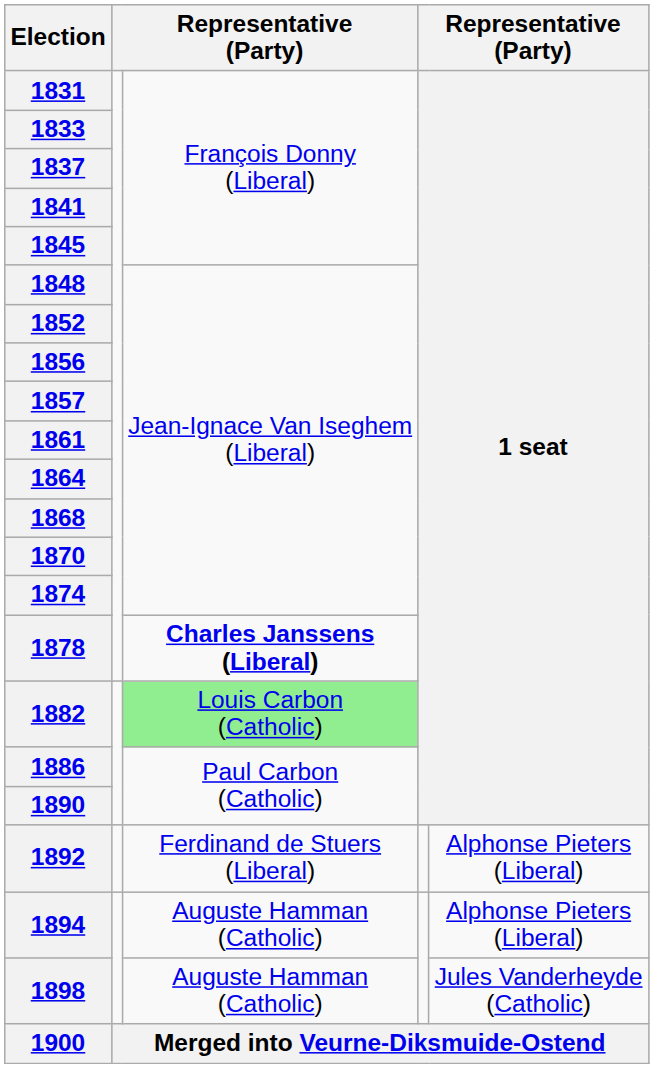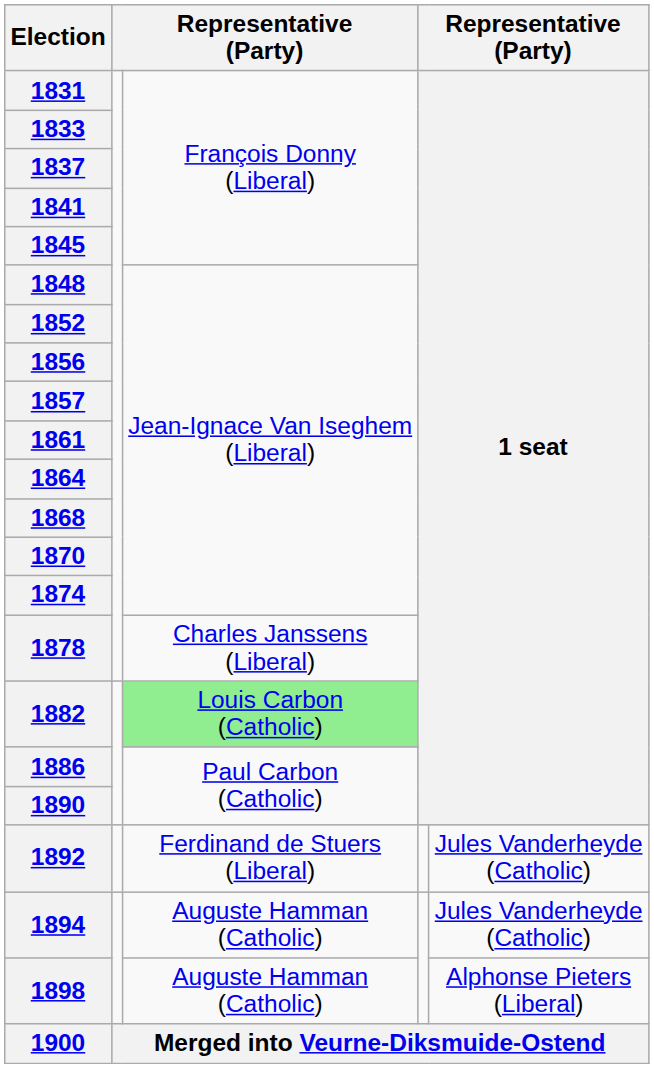 <table class="wikitable" style="text-align:center">
 <tr>
 <th>Election</th>
 <th colspan=2>Representative<br>(Party)</th>
 <th colspan=2>Representative<br>(Party)</th>
 </tr>
 <tr>
 <th><a href='#'>1831</a></th>
 <td rowspan=15; style="background-color: "></td>
 <td rowspan=5><a href='#'>François Donny</a><br>(<a href='#'>Liberal</a>)</td>
 <th colspan=2; rowspan=18>1 seat</th>
 </tr>
 <tr>
 <th><a href='#'>1833</a></th>
 </tr>
 <tr>
 <th><a href='#'>1837</a></th>
 </tr>
 <tr>
 <th><a href='#'>1841</a></th>
 </tr>
 <tr>
 <th><a href='#'>1845</a></th>
 </tr>
 <tr>
 <th><a href='#'>1848</a></th>
 <td rowspan=9><a href='#'>Jean-Ignace Van Iseghem</a><br>(<a href='#'>Liberal</a>)</td>
 </tr>
 <tr>
 <th><a href='#'>1852</a></th>
 </tr>
 <tr>
 <th><a href='#'>1856</a></th>
 </tr>
 <tr>
 <th><a href='#'>1857</a></th>
 </tr>
 <tr>
 <th><a href='#'>1861</a></th>
 </tr>
 <tr>
 <th><a href='#'>1864</a></th>
 </tr>
 <tr>
 <th><a href='#'>1868</a></th>
 </tr>
 <tr>
 <th><a href='#'>1870</a></th>
 </tr>
 <tr>
 <th><a href='#'>1874</a></th>
 </tr>
 <tr>
 <th><a href='#'>1878</a></th>
-<td rowspan=1><strong><a href='#'>Charles Janssens</a><br>(<a href='#'>Liberal</a>)</strong></td>
+<td rowspan=1><a href='#'>Charles Janssens</a><br>(<a href='#'>Liberal</a>)</td>
 </tr>
 <tr>
 <th><a href='#'>1882</a></th>
 <td rowspan=3; style="background-color: "></td>
 <td rowspan=1 style="background: lightgreen;"><a href='#'>Louis Carbon</a><br>(<a href='#'>Catholic</a>)</td>
 </tr>
 <tr>
 <th><a href='#'>1886</a></th>
 <td rowspan=2><a href='#'>Paul Carbon</a><br>(<a href='#'>Catholic</a>)</td>
 </tr>
 <tr>
 <th><a href='#'>1890</a></th>
 </tr>
 <tr>
 <th><a href='#'>1892</a></th>
 <td rowspan=1; style="background-color: "></td>
 <td rowspan=1><a href='#'>Ferdinand de Stuers</a><br>(<a href='#'>Liberal</a>)</td>
 <td rowspan=1; style="background-color: "></td>
-<td rowspan=1><a href='#'>Alphonse Pieters</a><br>(<a href='#'>Liberal</a>)</td>
+<td rowspan=1><a href='#'>Jules Vanderheyde</a><br>(<a href='#'>Catholic</a>)</td>
 </tr>
 <tr>
 <th><a href='#'>1894</a></th>
 <td rowspan=2; style="background-color: "></td>
 <td rowspan=1><a href='#'>Auguste Hamman</a><br>(<a href='#'>Catholic</a>)</td>
 <td rowspan=2; style="background-color: "></td>
-<td rowspan=1><a href='#'>Alphonse Pieters</a><br>(<a href='#'>Liberal</a>)</td>
+<td rowspan=1><a href='#'>Jules Vanderheyde</a><br>(<a href='#'>Catholic</a>)</td>
 </tr>
 <tr>
 <th><a href='#'>1898</a></th>
 <td rowspan=1><a href='#'>Auguste Hamman</a><br>(<a href='#'>Catholic</a>)</td>
-<td rowspan=1><a href='#'>Jules Vanderheyde</a><br>(<a href='#'>Catholic</a>)</td>
+<td rowspan=1><a href='#'>Alphonse Pieters</a><br>(<a href='#'>Liberal</a>)</td>
 </tr>
 <tr>
 <th><a href='#'>1900</a></th>
 <th colspan=4>Merged into <a href='#'>Veurne-Diksmuide-Ostend</a></th>
 </tr>
 </table>
